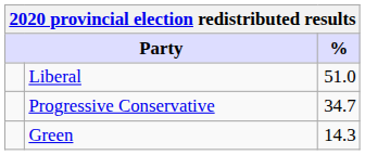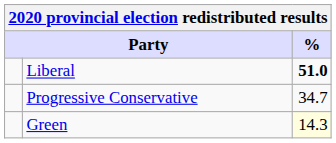 <table class="wikitable">
 <tr>
 <th colspan="4"><a href='#'>2020 provincial election</a> redistributed results</th>
 </tr>
 <tr>
 <th style="background:#DDDDFF" width="130px" colspan="2">Party</th>
 <th style="background:#DDDDFF" width="30px">%</th>
 </tr>
 <tr>
 <td> </td>
 <td><a href='#'>Liberal</a></td>
-<td style="text-align:right">51.0</td>
+<td style="text-align:right"><strong>51.0</strong></td>
 </tr>
 <tr>
 <td> </td>
 <td><a href='#'>Progressive Conservative</a></td>
 <td style="text-align:right">34.7</td>
 </tr>
 <tr>
 <td> </td>
 <td><a href='#'>Green</a></td>
-<td style="text-align:right">14.3</td>
+<td style="background: lightyellow; text-align:right">14.3</td>
 </tr>
 </table>
